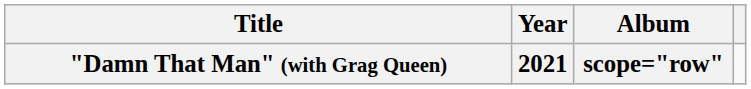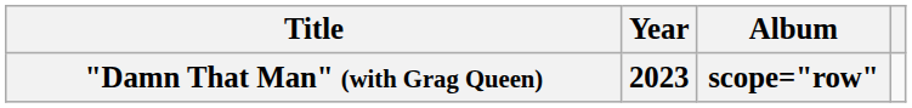 <table class="wikitable plainrowheaders" style="text-align:left;">
 <tr>
 <th scope="col" style="width:20em;">Title</th>
 <th scope="col" style="width:2em;">Year</th>
 <th scope="col" style="width:6em;">Album</th>
 <th></th>
 </tr>
 <tr>
 <th scope="row">"Damn That Man" <small>(with Grag Queen)</small></th>
-<th scope="row">2021</th>
+<th scope="row">2023</th>
 <th>scope="row" </th>
 <td></td>
 </tr>
 </table>
